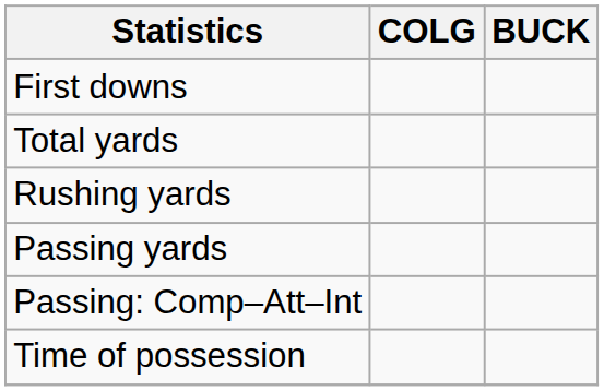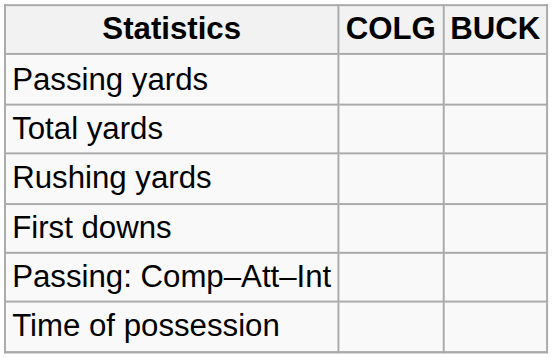 <table class="wikitable" style="float: left;">
 <tr>
 <th>Statistics</th>
 <th>COLG</th>
 <th>BUCK</th>
 </tr>
 <tr>
-<td>First downs</td>
+<td>Passing yards</td>
 <td></td>
 <td></td>
 </tr>
 <tr>
 <td>Total yards</td>
 <td></td>
 <td></td>
 </tr>
 <tr>
 <td>Rushing yards</td>
 <td></td>
 <td></td>
 </tr>
 <tr>
-<td>Passing yards</td>
+<td>First downs</td>
 <td></td>
 <td></td>
 </tr>
 <tr>
 <td>Passing: Comp–Att–Int</td>
 <td></td>
 <td></td>
 </tr>
 <tr>
 <td>Time of possession</td>
 <td></td>
 <td></td>
 </tr>
 <tr>
 </tr>
 </table>
